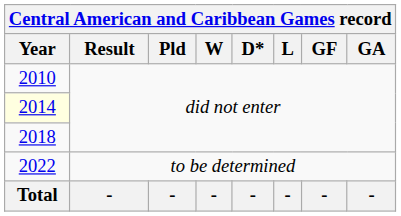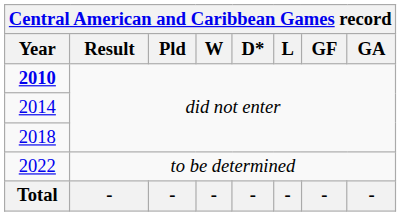 <table class="wikitable" style="text-align: center;">
 <tr>
 <th colspan=8><a href='#'>Central American and Caribbean Games</a> record</th>
 </tr>
 <tr>
 <th>Year</th>
 <th>Result</th>
 <th>Pld</th>
 <th>W</th>
 <th>D*</th>
 <th>L</th>
 <th>GF</th>
 <th>GA</th>
 </tr>
 <tr>
-<td> <a href='#'>2010</a></td>
+<td><strong> <a href='#'>2010</a></strong></td>
 <td colspan=8 rowspan=3><em>did not enter</em></td>
 </tr>
 <tr>
-<td style="background: lightyellow;"> <a href='#'>2014</a></td>
+<td> <a href='#'>2014</a></td>
 </tr>
 <tr>
 <td> <a href='#'>2018</a></td>
 </tr>
 <tr>
 <td> <a href='#'>2022</a></td>
 <td colspan=8><em>to be determined</em></td>
 </tr>
 <tr>
 <th>Total</th>
 <th>-</th>
 <th>-</th>
 <th>-</th>
 <th>-</th>
 <th>-</th>
 <th>-</th>
 <th>-</th>
 </tr>
 </table>
